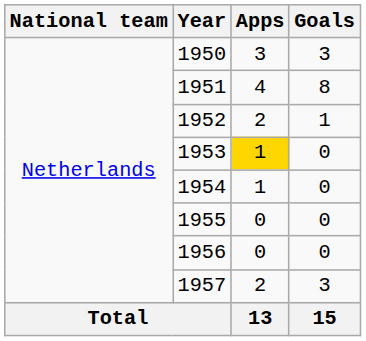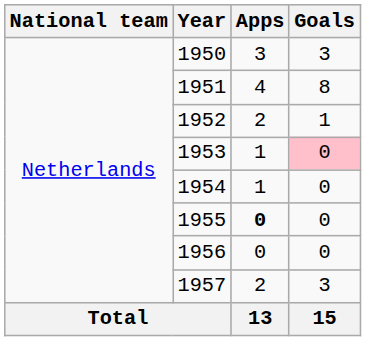 <table class="wikitable" style="text-align:center">
 <tr>
 <th>National team</th>
 <th>Year</th>
 <th>Apps</th>
 <th>Goals</th>
 </tr>
 <tr>
 <td rowspan="8"><a href='#'>Netherlands</a></td>
 <td>1950</td>
 <td>3</td>
 <td>3</td>
 </tr>
 <tr>
 <td>1951</td>
 <td>4</td>
 <td>8</td>
 </tr>
 <tr>
 <td>1952</td>
 <td>2</td>
 <td>1</td>
 </tr>
 <tr>
 <td>1953</td>
-<td style="background: gold;">1</td>
-<td>0</td>
+<td>1</td>
+<td style="background: pink;">0</td>
 </tr>
 <tr>
 <td>1954</td>
 <td>1</td>
 <td>0</td>
 </tr>
 <tr>
 <td>1955</td>
-<td>0</td>
+<td><strong>0</strong></td>
 <td>0</td>
 </tr>
 <tr>
 <td>1956</td>
 <td>0</td>
 <td>0</td>
 </tr>
 <tr>
 <td>1957</td>
 <td>2</td>
 <td>3</td>
 </tr>
 <tr>
 <th colspan="2">Total</th>
 <th>13</th>
 <th>15</th>
 </tr>
 </table>
